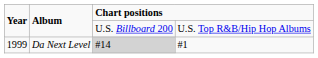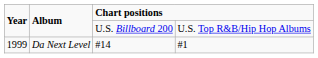 <table class="wikitable">
 <tr>
 <td rowspan="2"><strong>Year</strong></td>
 <td rowspan="2"><strong>Album</strong></td>
 <td colspan="3"><strong>Chart positions</strong></td>
 </tr>
 <tr>
 <td>U.S. <a href='#'><em>Billboard</em> 200</a></td>
 <td>U.S.  <a href='#'>Top R&B/Hip Hop Albums</a></td>
 </tr>
 <tr>
 <td>1999</td>
 <td><em>Da Next Level</em></td>
-<td style="background: lightgrey;">#14</td>
+<td>#14</td>
 <td>#1</td>
 </tr>
 </table>
